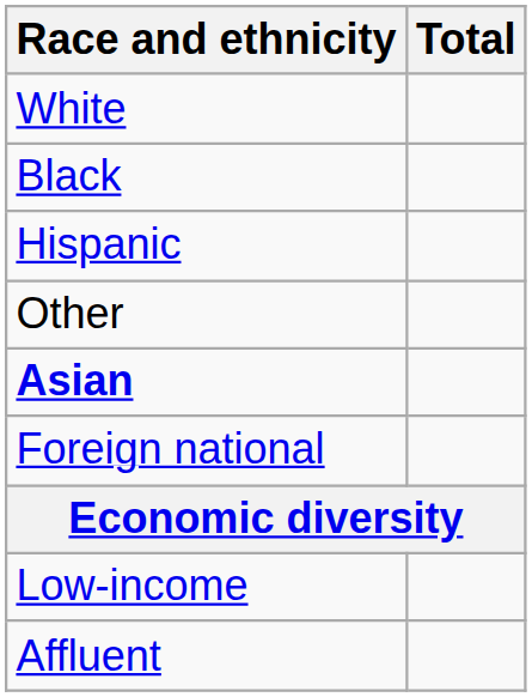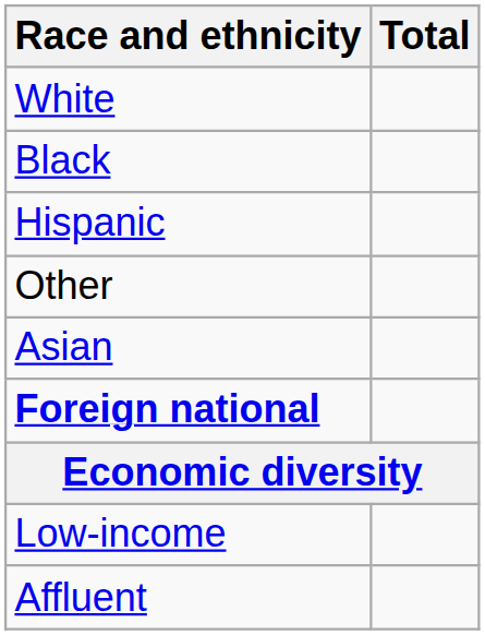 <table class="wikitable floatright sortable collapsible"; text-align:right; font-size:80%;">
 <tr>
 <th>Race and ethnicity</th>
 <th colspan="2" data-sort-type=number>Total</th>
 </tr>
 <tr>
 <td><a href='#'>White</a></td>
 <td align=right></td>
 </tr>
 <tr>
 <td><a href='#'>Black</a></td>
 <td align=right></td>
 </tr>
 <tr>
 <td><a href='#'>Hispanic</a></td>
 <td align=right></td>
 </tr>
 <tr>
 <td>Other</td>
 <td align=right></td>
 </tr>
 <tr>
-<td><strong><a href='#'>Asian</a></strong></td>
+<td><a href='#'>Asian</a></td>
 <td align=right></td>
 </tr>
 <tr>
-<td><a href='#'>Foreign national</a></td>
+<td><strong><a href='#'>Foreign national</a></strong></td>
 <td align=right></td>
 </tr>
 <tr>
 <th colspan="3" data-sort-type="number"><a href='#'>Economic diversity</a></th>
 </tr>
 <tr>
 <td><a href='#'>Low-income</a></td>
 <td align=right></td>
 </tr>
 <tr>
 <td><a href='#'>Affluent</a></td>
 <td align=right></td>
 </tr>
 </table>
